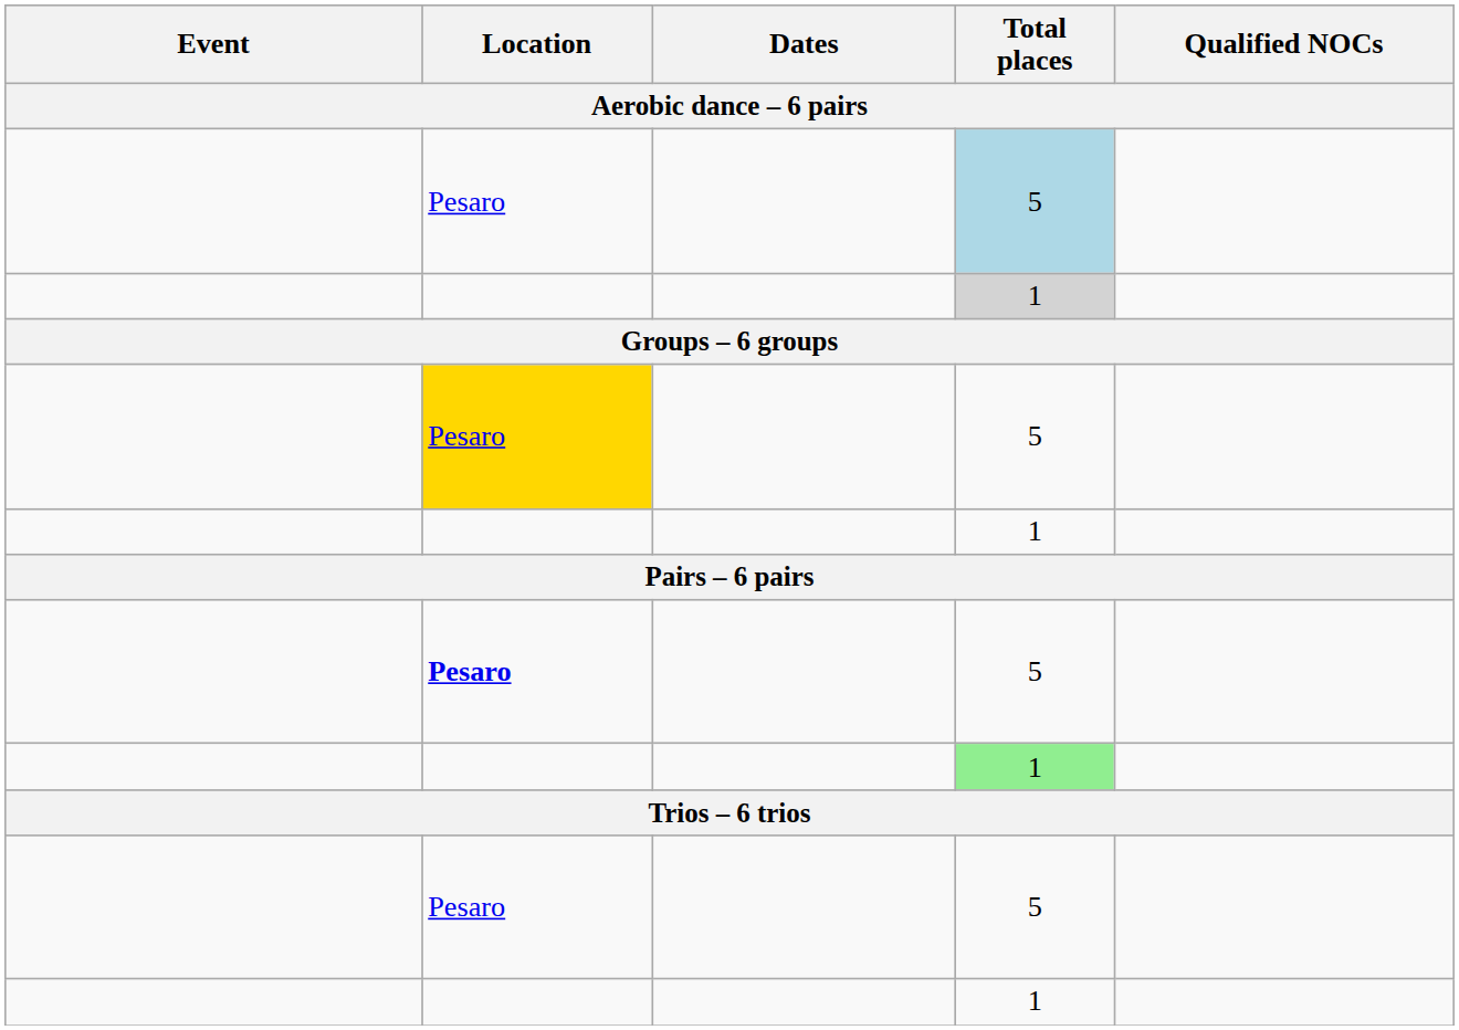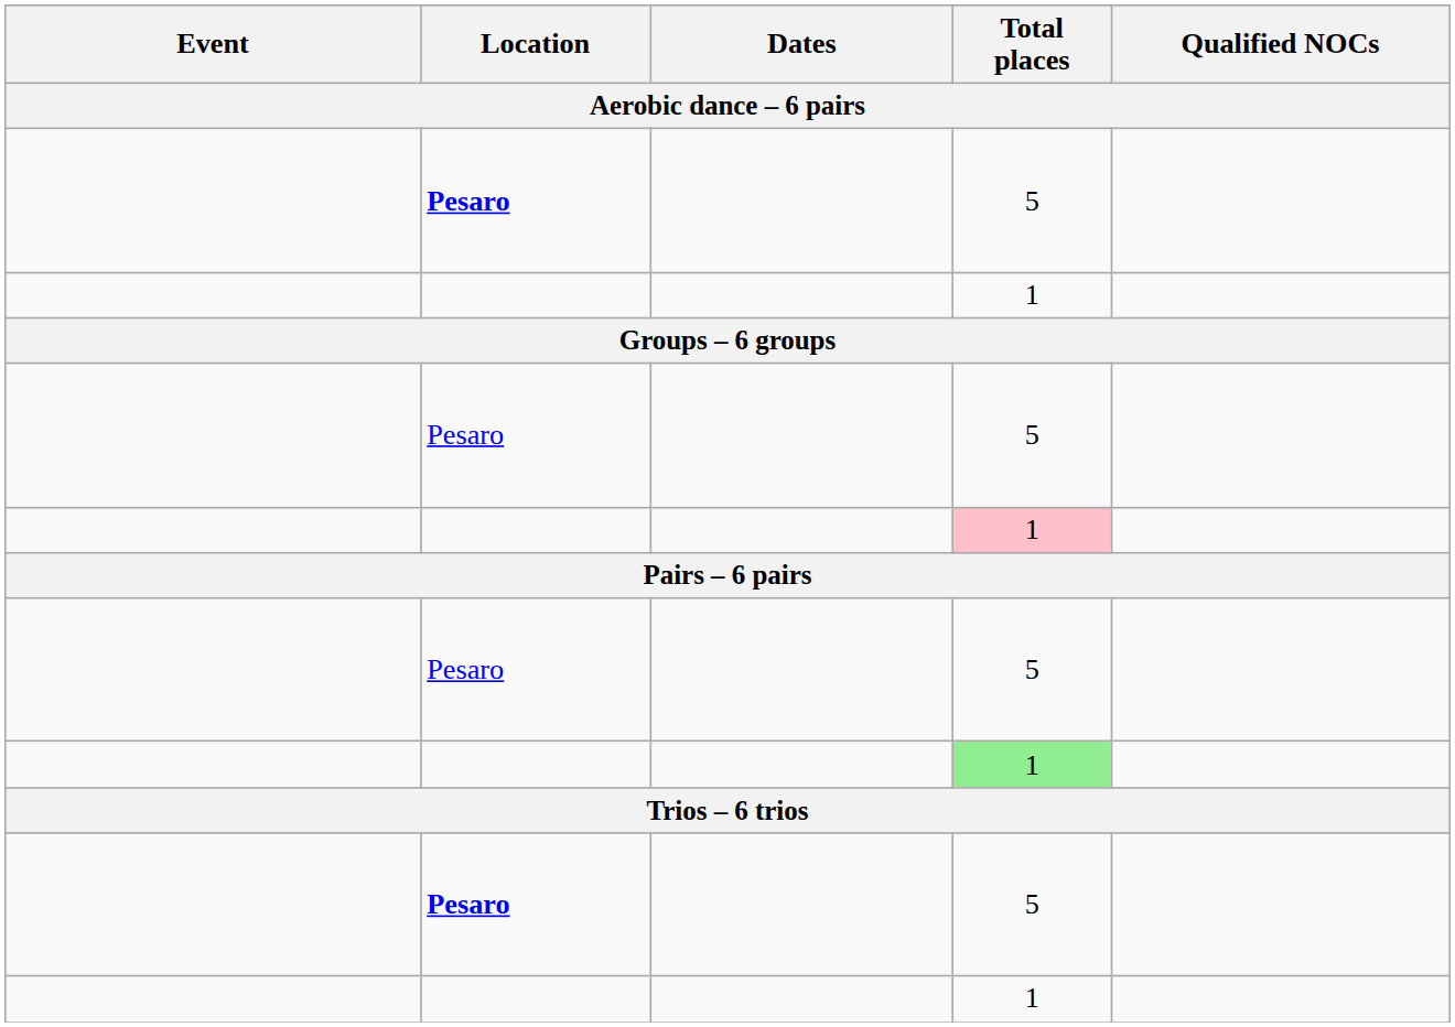 <table class="wikitable" width=800>
 <tr>
 <th>Event</th>
 <th width=120>Location</th>
 <th width=160>Dates</th>
 <th width=80>Total places</th>
 <th width=180>Qualified NOCs</th>
 </tr>
 <tr style="font-size:95%;">
 <th colspan=5>Aerobic dance – 6 pairs</th>
 </tr>
 <tr>
 <td></td>
-<td> <a href='#'>Pesaro</a></td>
-<td align="center"></td>
-<td align="center" style="background: lightblue;">5</td>
-<td><br><br><br><br></td>
-</tr>
-<tr>
-<td></td>
-<td></td>
-<td></td>
-<td align="center" style="background: lightgrey;">1</td>
-<td></td>
-</tr>
-<tr style="font-size:95%;">
-<th colspan=5>Groups – 6 groups</th>
-</tr>
-<tr>
-<td></td>
-<td style="background: gold;"> <a href='#'>Pesaro</a></td>
+<td><strong> <a href='#'>Pesaro</a></strong></td>
 <td align="center"></td>
 <td align="center">5</td>
 <td><br><br><br><br></td>
 </tr>
 <tr>
 <td></td>
 <td></td>
 <td></td>
 <td align="center">1</td>
 <td></td>
 </tr>
 <tr style="font-size:95%;">
+<th colspan=5>Groups – 6 groups</th>
+</tr>
+<tr>
+<td></td>
+<td> <a href='#'>Pesaro</a></td>
+<td align="center"></td>
+<td align="center">5</td>
+<td><br><br><br><br></td>
+</tr>
+<tr>
+<td></td>
+<td></td>
+<td></td>
+<td align="center" style="background: pink;">1</td>
+<td></td>
+</tr>
+<tr style="font-size:95%;">
 <th colspan=5>Pairs – 6 pairs</th>
 </tr>
 <tr>
 <td></td>
-<td><strong> <a href='#'>Pesaro</a></strong></td>
+<td> <a href='#'>Pesaro</a></td>
 <td align="center"></td>
 <td align="center">5</td>
 <td><br><br><br><br></td>
 </tr>
 <tr>
 <td></td>
 <td></td>
 <td></td>
 <td align="center" style="background: lightgreen;">1</td>
 <td></td>
 </tr>
 <tr style="font-size:95%;">
 <th colspan=5>Trios – 6 trios</th>
 </tr>
 <tr>
 <td></td>
-<td> <a href='#'>Pesaro</a></td>
+<td><strong> <a href='#'>Pesaro</a></strong></td>
 <td align="center"></td>
 <td align="center">5</td>
 <td><br><br><br><br></td>
 </tr>
 <tr>
 <td></td>
 <td></td>
 <td></td>
 <td align="center">1</td>
 <td></td>
 </tr>
 </table>
